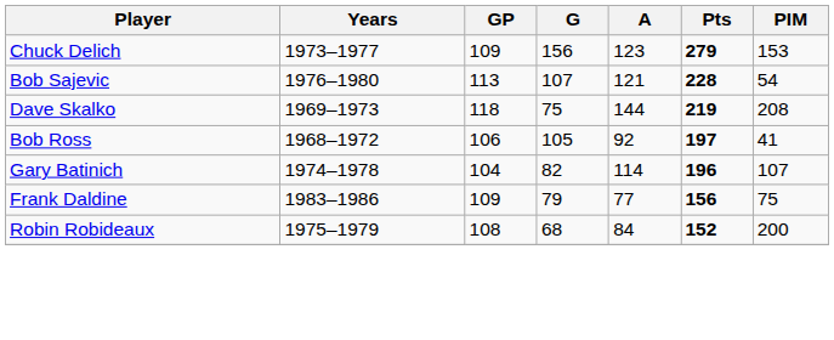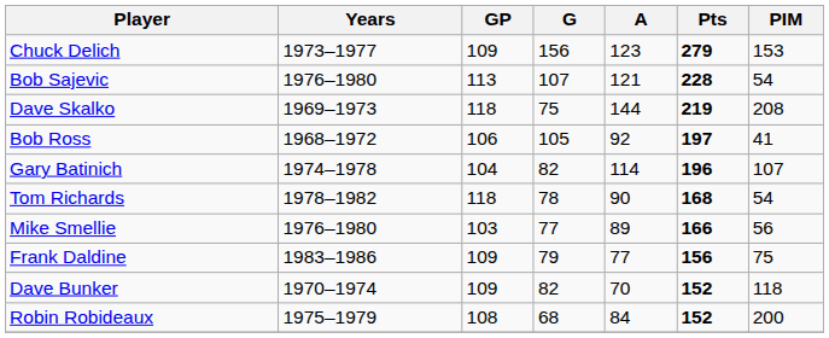 <table class="wikitable sortable" width ="700">
 <tr>
 <th><strong>Player</strong></th>
 <th>Years</th>
 <th>GP</th>
 <th>G</th>
 <th>A</th>
 <th>Pts</th>
 <th>PIM</th>
 </tr>
 <tr>
 <td><a href='#'>Chuck Delich</a></td>
 <td>1973–1977</td>
 <td>109</td>
 <td>156</td>
 <td>123</td>
 <td><strong>279</strong></td>
 <td>153</td>
 </tr>
 <tr>
 <td><a href='#'>Bob Sajevic</a></td>
 <td>1976–1980</td>
 <td>113</td>
 <td>107</td>
 <td>121</td>
 <td><strong>228</strong></td>
 <td>54</td>
 </tr>
 <tr>
 <td><a href='#'>Dave Skalko</a></td>
 <td>1969–1973</td>
 <td>118</td>
 <td>75</td>
 <td>144</td>
 <td><strong>219</strong></td>
 <td>208</td>
 </tr>
 <tr>
 <td><a href='#'>Bob Ross</a></td>
 <td>1968–1972</td>
 <td>106</td>
 <td>105</td>
 <td>92</td>
 <td><strong>197</strong></td>
 <td>41</td>
 </tr>
 <tr>
 <td><a href='#'>Gary Batinich</a></td>
 <td>1974–1978</td>
 <td>104</td>
 <td>82</td>
 <td>114</td>
 <td><strong>196</strong></td>
 <td>107</td>
 </tr>
 <tr>
+<td><a href='#'>Tom Richards</a></td>
+<td>1978–1982</td>
+<td>118</td>
+<td>78</td>
+<td>90</td>
+<td><strong>168</strong></td>
+<td>54</td>
+</tr>
+<tr>
+<td><a href='#'>Mike Smellie</a></td>
+<td>1976–1980</td>
+<td>103</td>
+<td>77</td>
+<td>89</td>
+<td><strong>166</strong></td>
+<td>56</td>
+</tr>
+<tr>
 <td><a href='#'>Frank Daldine</a></td>
 <td>1983–1986</td>
 <td>109</td>
 <td>79</td>
 <td>77</td>
 <td><strong>156</strong></td>
 <td>75</td>
+</tr>
+<tr>
+<td><a href='#'>Dave Bunker</a></td>
+<td>1970–1974</td>
+<td>109</td>
+<td>82</td>
+<td>70</td>
+<td><strong>152</strong></td>
+<td>118</td>
 </tr>
 <tr>
 <td><a href='#'>Robin Robideaux</a></td>
 <td>1975–1979</td>
 <td>108</td>
 <td>68</td>
 <td>84</td>
 <td><strong>152</strong></td>
 <td>200</td>
 </tr>
 <tr>
 </tr>
 </table>
